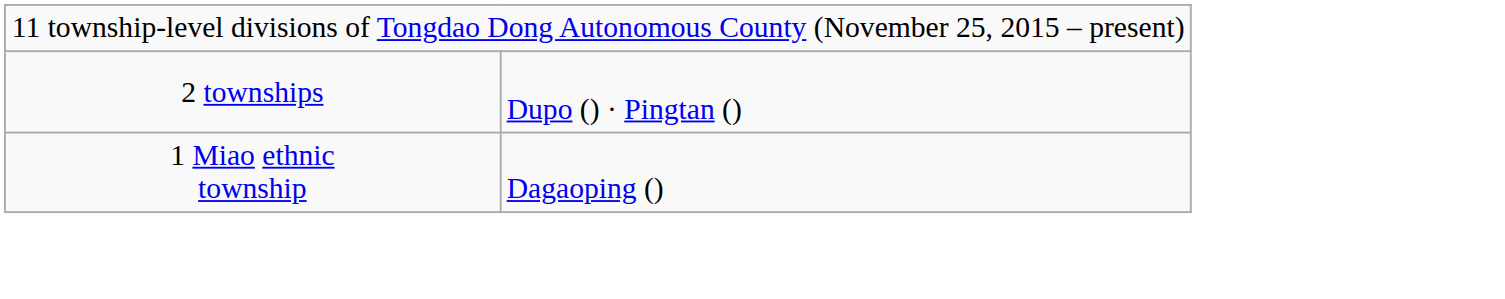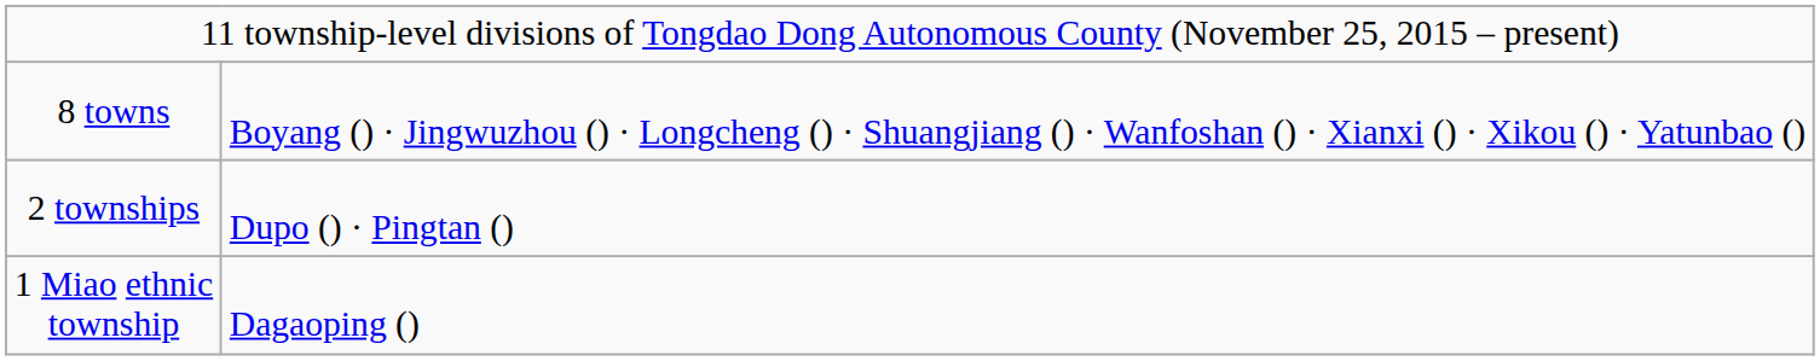 <table class="wikitable">
 <tr>
 <td style="text-align:center;" colspan="2">11 township-level divisions of <a href='#'>Tongdao Dong Autonomous County</a> (November 25, 2015 – present)</td>
+</tr>
+<tr align=left>
+<td align=center>8 <a href='#'>towns</a></td>
+<td><br><a href='#'>Boyang</a> () · <a href='#'>Jingwuzhou</a> () · <a href='#'>Longcheng</a> () · <a href='#'>Shuangjiang</a> () · <a href='#'>Wanfoshan</a> () · <a href='#'>Xianxi</a> () · <a href='#'>Xikou</a> () · <a href='#'>Yatunbao</a> ()</td>
 </tr>
 <tr align=left>
 <td align=center>2 <a href='#'>townships</a></td>
 <td><br><a href='#'>Dupo</a> () · <a href='#'>Pingtan</a> ()</td>
 </tr>
 <tr align=left>
 <td align=center>1 <a href='#'>Miao</a> <a href='#'>ethnic <br>township</a></td>
 <td><br><a href='#'>Dagaoping</a> ()</td>
 </tr>
 </table>
